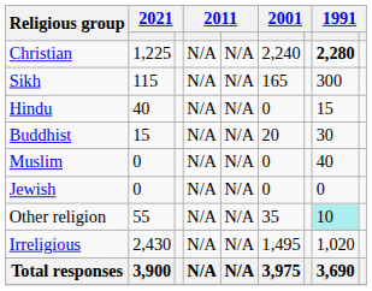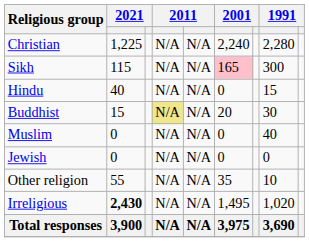 <table class="wikitable collapsible sortable">
 <tr>
 <th rowspan="2">Religious group</th>
 <th colspan="2"><a href='#'>2021</a></th>
 <th colspan="2"><a href='#'>2011</a></th>
 <th colspan="2"><a href='#'>2001</a></th>
 <th colspan="2"><a href='#'>1991</a></th>
 </tr>
 <tr>
 <th><a href='#'></a></th>
 <th></th>
 <th></th>
 <th></th>
 <th></th>
 <th></th>
 <th></th>
 <th></th>
 </tr>
 <tr>
 <td><a href='#'>Christian</a></td>
 <td>1,225</td>
 <td></td>
 <td>N/A</td>
 <td>N/A</td>
 <td>2,240</td>
 <td></td>
-<td><strong>2,280</strong></td>
+<td>2,280</td>
 <td></td>
 </tr>
 <tr>
 <td><a href='#'>Sikh</a></td>
 <td>115</td>
 <td></td>
 <td>N/A</td>
 <td>N/A</td>
-<td>165</td>
+<td style="background: pink;">165</td>
 <td></td>
 <td>300</td>
 <td></td>
 </tr>
 <tr>
 <td><a href='#'>Hindu</a></td>
 <td>40</td>
 <td></td>
 <td>N/A</td>
 <td>N/A</td>
 <td>0</td>
 <td></td>
 <td>15</td>
 <td></td>
 </tr>
 <tr>
 <td><a href='#'>Buddhist</a></td>
 <td>15</td>
 <td></td>
-<td>N/A</td>
+<td style="background: khaki;">N/A</td>
 <td>N/A</td>
 <td>20</td>
 <td></td>
 <td>30</td>
 <td></td>
 </tr>
 <tr>
 <td><a href='#'>Muslim</a></td>
 <td>0</td>
 <td></td>
 <td>N/A</td>
 <td>N/A</td>
 <td>0</td>
 <td></td>
 <td>40</td>
 <td></td>
 </tr>
 <tr>
 <td><a href='#'>Jewish</a></td>
 <td>0</td>
 <td></td>
 <td>N/A</td>
 <td>N/A</td>
 <td>0</td>
 <td></td>
 <td>0</td>
 <td></td>
 </tr>
 <tr>
 <td>Other religion</td>
 <td>55</td>
 <td></td>
 <td>N/A</td>
 <td>N/A</td>
 <td>35</td>
 <td></td>
-<td style="background: paleturquoise;">10</td>
+<td>10</td>
 <td></td>
 </tr>
 <tr>
 <td><a href='#'>Irreligious</a></td>
-<td>2,430</td>
+<td><strong>2,430</strong></td>
 <td></td>
 <td>N/A</td>
 <td>N/A</td>
 <td>1,495</td>
 <td></td>
 <td>1,020</td>
 <td></td>
 </tr>
 <tr class="sortbottom">
 <th>Total responses</th>
 <th>3,900</th>
 <th></th>
 <th>N/A</th>
 <th>N/A</th>
 <th>3,975</th>
 <th></th>
 <th>3,690</th>
 <th></th>
 </tr>
 <tr>
 </tr>
 </table>
